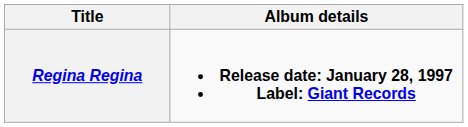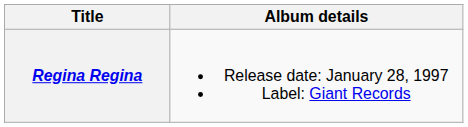 <table class="wikitable plainrowheaders" style="text-align:center;">
 <tr>
 <th style="width:10em;">Title</th>
 <th style="width:18em;">Album details</th>
 </tr>
 <tr>
 <th scope="row"><em><a href='#'>Regina Regina</a></em></th>
-<td><strong><br><ul><li>Release date: January 28, 1997</li><li>Label: <a href='#'>Giant Records</a></li></ul></strong></td>
+<td><br><ul><li>Release date: January 28, 1997</li><li>Label: <a href='#'>Giant Records</a></li></ul></td>
 </tr>
 </table>
